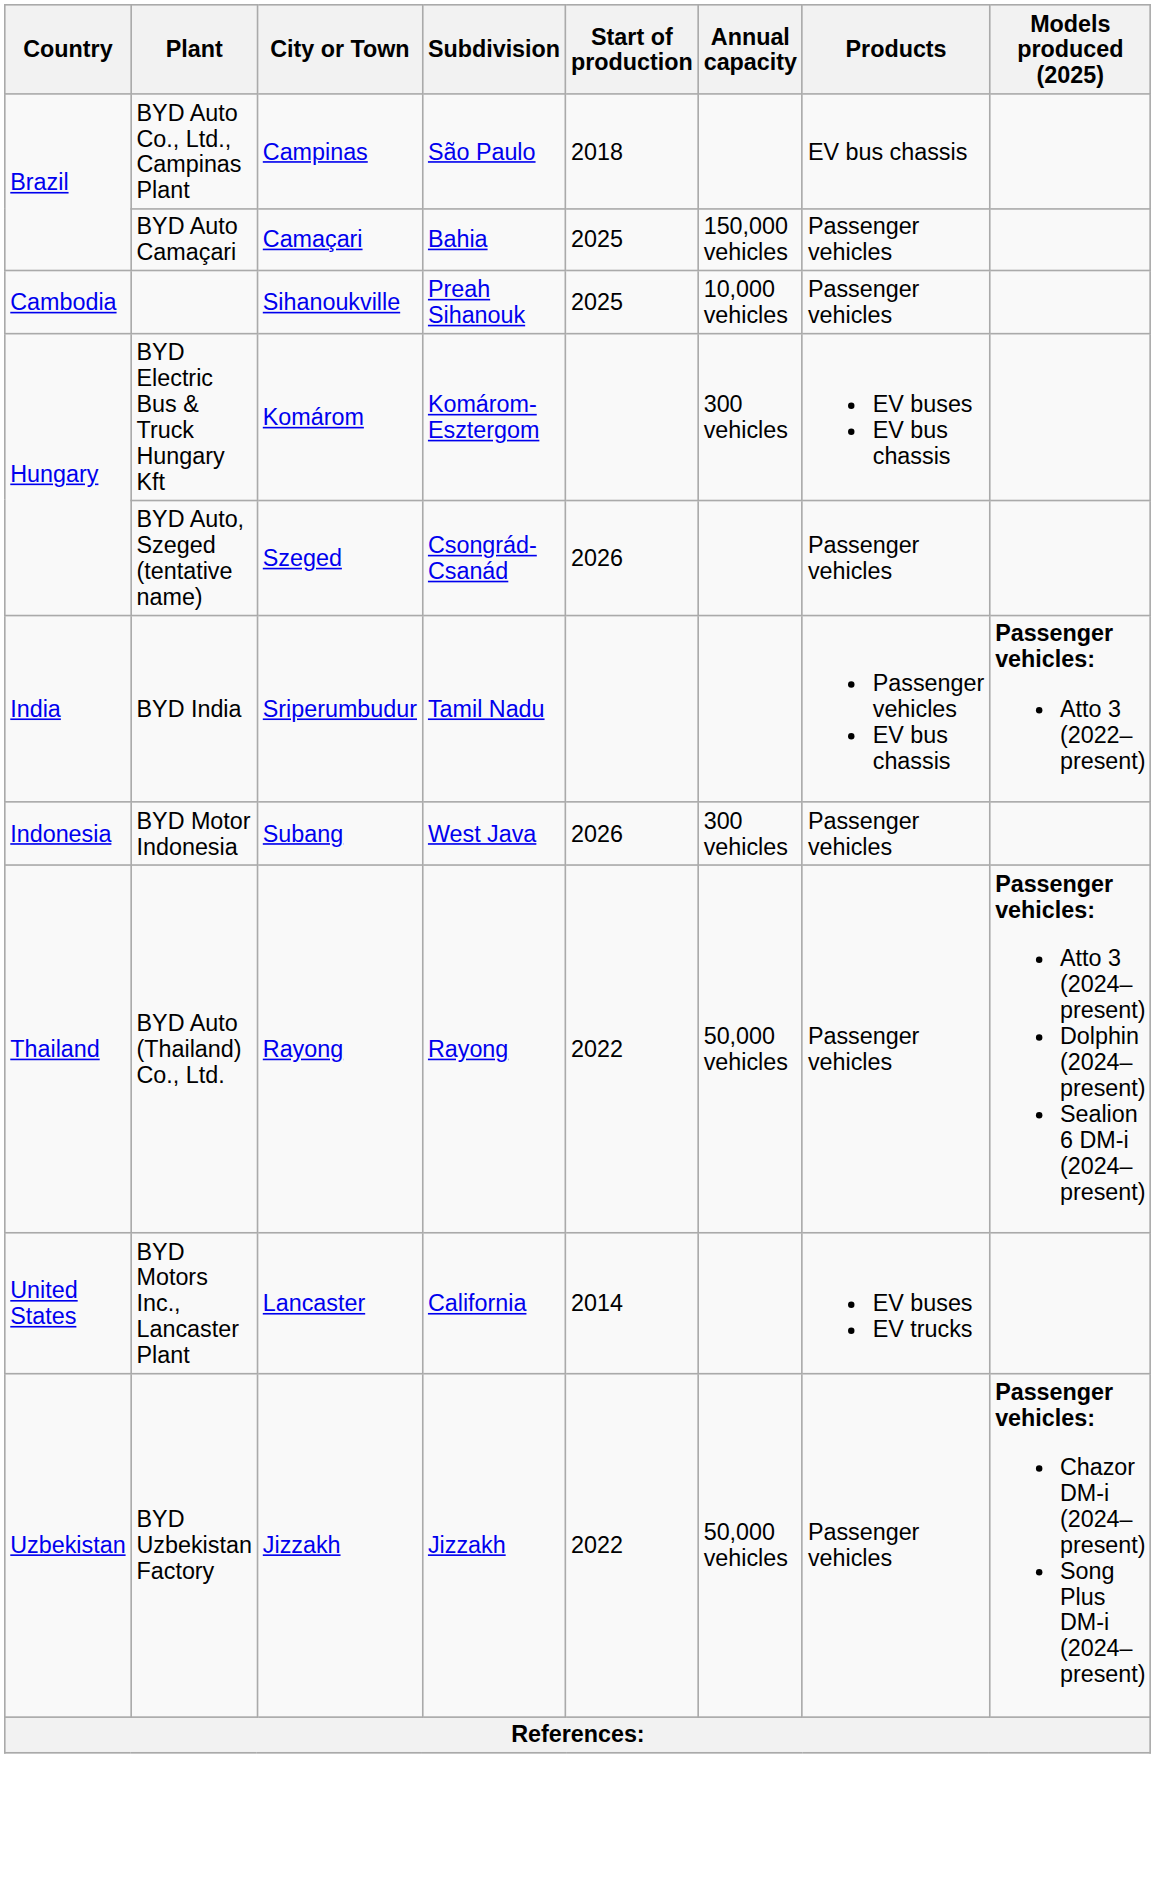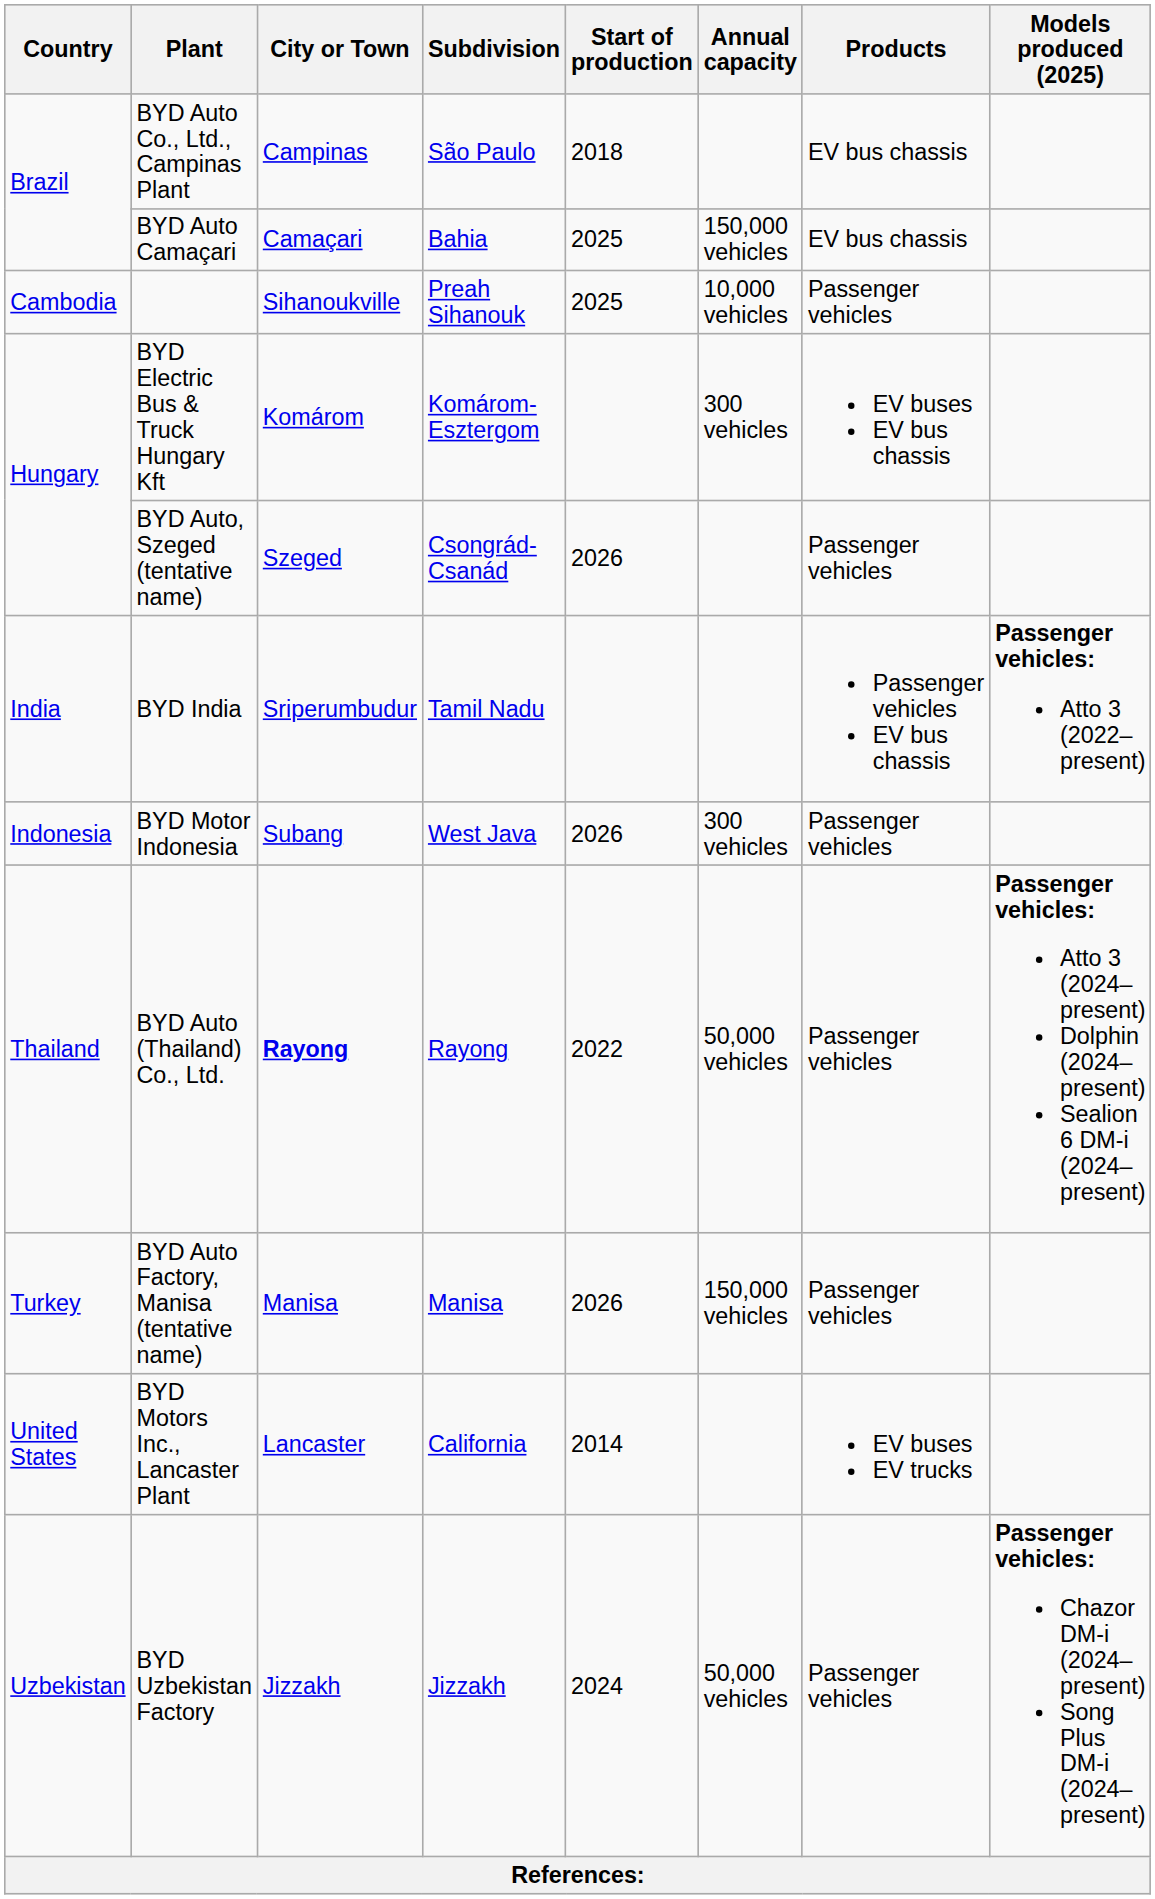 <table class="wikitable" style="font-size:90%;">
 <tr>
 <th>Country</th>
 <th>Plant</th>
 <th>City or Town</th>
 <th>Subdivision</th>
 <th width="5%">Start of production</th>
 <th>Annual capacity</th>
 <th>Products</th>
 <th width="25%">Models produced (2025)</th>
 </tr>
 <tr>
 <td rowspan="2"><a href='#'>Brazil</a></td>
 <td>BYD Auto Co., Ltd., Campinas Plant</td>
 <td><a href='#'>Campinas</a></td>
 <td><a href='#'>São Paulo</a></td>
 <td>2018</td>
 <td></td>
 <td>EV bus chassis</td>
 <td></td>
 </tr>
 <tr>
 <td>BYD Auto Camaçari</td>
 <td><a href='#'>Camaçari</a></td>
 <td><a href='#'>Bahia</a></td>
 <td>2025</td>
 <td>150,000 vehicles</td>
-<td>Passenger vehicles</td>
+<td>EV bus chassis</td>
 <td></td>
 </tr>
 <tr>
 <td><a href='#'>Cambodia</a></td>
 <td></td>
 <td><a href='#'>Sihanoukville</a></td>
 <td><a href='#'>Preah Sihanouk</a></td>
 <td>2025</td>
 <td>10,000 vehicles</td>
 <td>Passenger vehicles</td>
 <td></td>
 </tr>
 <tr>
 <td rowspan="2"><a href='#'>Hungary</a></td>
 <td>BYD Electric Bus & Truck Hungary Kft</td>
 <td><a href='#'>Komárom</a></td>
 <td><a href='#'>Komárom-Esztergom</a></td>
 <td></td>
 <td>300 vehicles</td>
 <td><br><ul><li>EV buses</li><li>EV bus chassis</li></ul></td>
 <td></td>
 </tr>
 <tr>
 <td>BYD Auto, Szeged (tentative name)</td>
 <td><a href='#'>Szeged</a></td>
 <td><a href='#'>Csongrád-Csanád</a></td>
 <td>2026</td>
 <td></td>
 <td>Passenger vehicles</td>
 <td></td>
 </tr>
 <tr>
 <td><a href='#'>India</a></td>
 <td>BYD India</td>
 <td><a href='#'>Sriperumbudur</a></td>
 <td><a href='#'>Tamil Nadu</a></td>
 <td></td>
 <td></td>
 <td><br><ul><li>Passenger vehicles</li><li>EV bus chassis</li></ul></td>
 <td><strong>Passenger vehicles:</strong><br><ul><li>Atto 3 (2022–present)</li></ul></td>
 </tr>
 <tr>
 <td><a href='#'>Indonesia</a></td>
 <td>BYD Motor Indonesia</td>
 <td><a href='#'>Subang</a></td>
 <td><a href='#'>West Java</a></td>
 <td>2026</td>
 <td>300 vehicles</td>
 <td>Passenger vehicles</td>
 <td></td>
 </tr>
 <tr>
 <td><a href='#'>Thailand</a></td>
 <td>BYD Auto (Thailand) Co., Ltd.</td>
-<td><a href='#'>Rayong</a></td>
+<td><strong><a href='#'>Rayong</a></strong></td>
 <td><a href='#'>Rayong</a></td>
 <td>2022</td>
 <td>50,000 vehicles</td>
 <td>Passenger vehicles</td>
 <td><strong>Passenger vehicles:</strong><br><ul><li>Atto 3 (2024–present)</li><li>Dolphin (2024–present)</li><li>Sealion 6 DM-i (2024–present)</li></ul></td>
+</tr>
+<tr>
+<td><a href='#'>Turkey</a></td>
+<td>BYD Auto Factory, Manisa (tentative name)</td>
+<td><a href='#'>Manisa</a></td>
+<td><a href='#'>Manisa</a></td>
+<td>2026</td>
+<td>150,000 vehicles</td>
+<td>Passenger vehicles</td>
+<td></td>
 </tr>
 <tr>
 <td><a href='#'>United States</a></td>
 <td>BYD Motors Inc., Lancaster Plant</td>
 <td><a href='#'>Lancaster</a></td>
 <td><a href='#'>California</a></td>
 <td>2014</td>
 <td></td>
 <td><br><ul><li>EV buses</li><li>EV trucks</li></ul></td>
 <td></td>
 </tr>
 <tr>
 <td><a href='#'>Uzbekistan</a></td>
 <td>BYD Uzbekistan Factory</td>
 <td><a href='#'>Jizzakh</a></td>
 <td><a href='#'>Jizzakh</a></td>
-<td>2022</td>
+<td>2024</td>
 <td>50,000 vehicles</td>
 <td>Passenger vehicles</td>
 <td><strong>Passenger vehicles:</strong><br><ul><li>Chazor DM-i (2024–present)</li><li>Song Plus DM-i (2024–present)</li></ul></td>
 </tr>
 <tr>
 <th colspan="8">References:</th>
 </tr>
 </table>
